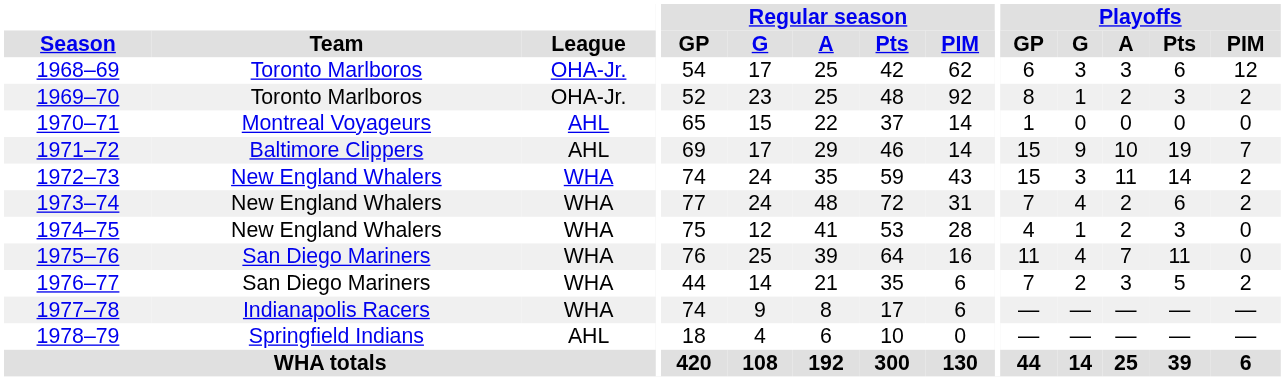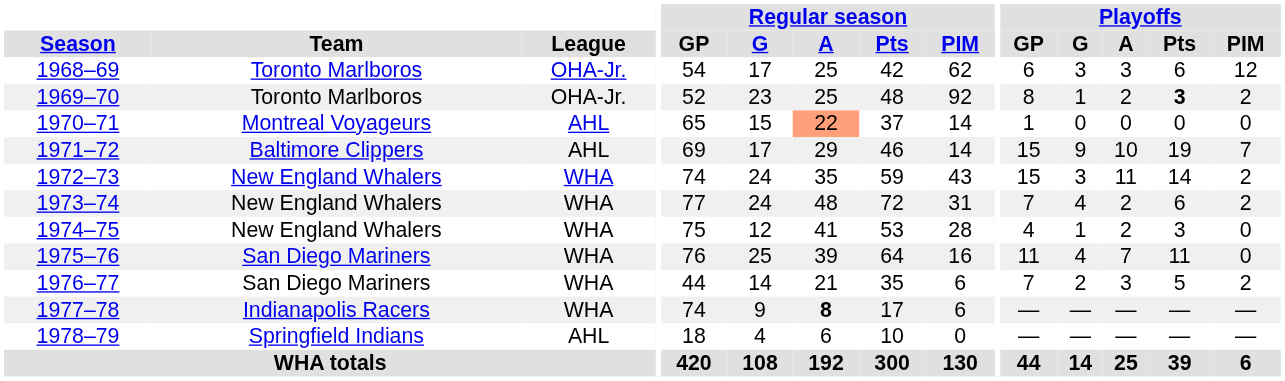 <table border="0" cellpadding="1" cellspacing="0" style="text-align:center; width:60em">
 <tr bgcolor="#e0e0e0">
 <th colspan="3" bgcolor="#ffffff"></th>
 <th rowspan="99" bgcolor="#ffffff"></th>
 <th colspan="5"><a href='#'>Regular season</a></th>
 <th rowspan="99" bgcolor="#ffffff"></th>
 <th colspan="5"><a href='#'>Playoffs</a></th>
 </tr>
 <tr bgcolor="#e0e0e0">
 <th><a href='#'>Season</a></th>
 <th>Team</th>
 <th>League</th>
 <th>GP</th>
 <th><a href='#'>G</a></th>
 <th><a href='#'>A</a></th>
 <th><a href='#'>Pts</a></th>
 <th><a href='#'>PIM</a></th>
 <th>GP</th>
 <th>G</th>
 <th>A</th>
 <th>Pts</th>
 <th>PIM</th>
 </tr>
 <tr>
 <td><a href='#'>1968–69</a></td>
 <td><a href='#'>Toronto Marlboros</a></td>
 <td><a href='#'>OHA-Jr.</a></td>
 <td>54</td>
 <td>17</td>
 <td>25</td>
 <td>42</td>
 <td>62</td>
 <td>6</td>
 <td>3</td>
 <td>3</td>
 <td>6</td>
 <td>12</td>
 </tr>
 <tr bgcolor="#f0f0f0">
 <td><a href='#'>1969–70</a></td>
 <td>Toronto Marlboros</td>
 <td>OHA-Jr.</td>
 <td>52</td>
 <td>23</td>
 <td>25</td>
 <td>48</td>
 <td>92</td>
 <td>8</td>
 <td>1</td>
 <td>2</td>
-<td>3</td>
+<td><strong>3</strong></td>
 <td>2</td>
 </tr>
 <tr>
 <td><a href='#'>1970–71</a></td>
 <td><a href='#'>Montreal Voyageurs</a></td>
 <td><a href='#'>AHL</a></td>
 <td>65</td>
 <td>15</td>
-<td>22</td>
+<td style="background: lightsalmon;">22</td>
 <td>37</td>
 <td>14</td>
 <td>1</td>
 <td>0</td>
 <td>0</td>
 <td>0</td>
 <td>0</td>
 </tr>
 <tr bgcolor="#f0f0f0">
 <td><a href='#'>1971–72</a></td>
 <td><a href='#'>Baltimore Clippers</a></td>
 <td>AHL</td>
 <td>69</td>
 <td>17</td>
 <td>29</td>
 <td>46</td>
 <td>14</td>
 <td>15</td>
 <td>9</td>
 <td>10</td>
 <td>19</td>
 <td>7</td>
 </tr>
 <tr>
 <td><a href='#'>1972–73</a></td>
 <td><a href='#'>New England Whalers</a></td>
 <td><a href='#'>WHA</a></td>
 <td>74</td>
 <td>24</td>
 <td>35</td>
 <td>59</td>
 <td>43</td>
 <td>15</td>
 <td>3</td>
 <td>11</td>
 <td>14</td>
 <td>2</td>
 </tr>
 <tr bgcolor="#f0f0f0">
 <td><a href='#'>1973–74</a></td>
 <td>New England Whalers</td>
 <td>WHA</td>
 <td>77</td>
 <td>24</td>
 <td>48</td>
 <td>72</td>
 <td>31</td>
 <td>7</td>
 <td>4</td>
 <td>2</td>
 <td>6</td>
 <td>2</td>
 </tr>
 <tr>
 <td><a href='#'>1974–75</a></td>
 <td>New England Whalers</td>
 <td>WHA</td>
 <td>75</td>
 <td>12</td>
 <td>41</td>
 <td>53</td>
 <td>28</td>
 <td>4</td>
 <td>1</td>
 <td>2</td>
 <td>3</td>
 <td>0</td>
 </tr>
 <tr bgcolor="#f0f0f0">
 <td><a href='#'>1975–76</a></td>
 <td><a href='#'>San Diego Mariners</a></td>
 <td>WHA</td>
 <td>76</td>
 <td>25</td>
 <td>39</td>
 <td>64</td>
 <td>16</td>
 <td>11</td>
 <td>4</td>
 <td>7</td>
 <td>11</td>
 <td>0</td>
 </tr>
 <tr>
 <td><a href='#'>1976–77</a></td>
 <td>San Diego Mariners</td>
 <td>WHA</td>
 <td>44</td>
 <td>14</td>
 <td>21</td>
 <td>35</td>
 <td>6</td>
 <td>7</td>
 <td>2</td>
 <td>3</td>
 <td>5</td>
 <td>2</td>
 </tr>
 <tr bgcolor="#f0f0f0">
 <td><a href='#'>1977–78</a></td>
 <td><a href='#'>Indianapolis Racers</a></td>
 <td>WHA</td>
 <td>74</td>
 <td>9</td>
-<td>8</td>
+<td><strong>8</strong></td>
 <td>17</td>
 <td>6</td>
 <td>—</td>
 <td>—</td>
 <td>—</td>
 <td>—</td>
 <td>—</td>
 </tr>
 <tr>
 <td><a href='#'>1978–79</a></td>
 <td><a href='#'>Springfield Indians</a></td>
 <td>AHL</td>
 <td>18</td>
 <td>4</td>
 <td>6</td>
 <td>10</td>
 <td>0</td>
 <td>—</td>
 <td>—</td>
 <td>—</td>
 <td>—</td>
 <td>—</td>
 </tr>
 <tr>
 </tr>
 <tr ALIGN="center" bgcolor="#e0e0e0">
 <th colspan="3">WHA totals</th>
 <th ALIGN="center">420</th>
 <th ALIGN="center">108</th>
 <th ALIGN="center">192</th>
 <th ALIGN="center">300</th>
 <th ALIGN="center">130</th>
 <th ALIGN="center">44</th>
 <th ALIGN="center">14</th>
 <th ALIGN="center">25</th>
 <th ALIGN="center">39</th>
 <th ALIGN="center">6</th>
 </tr>
 </table>
